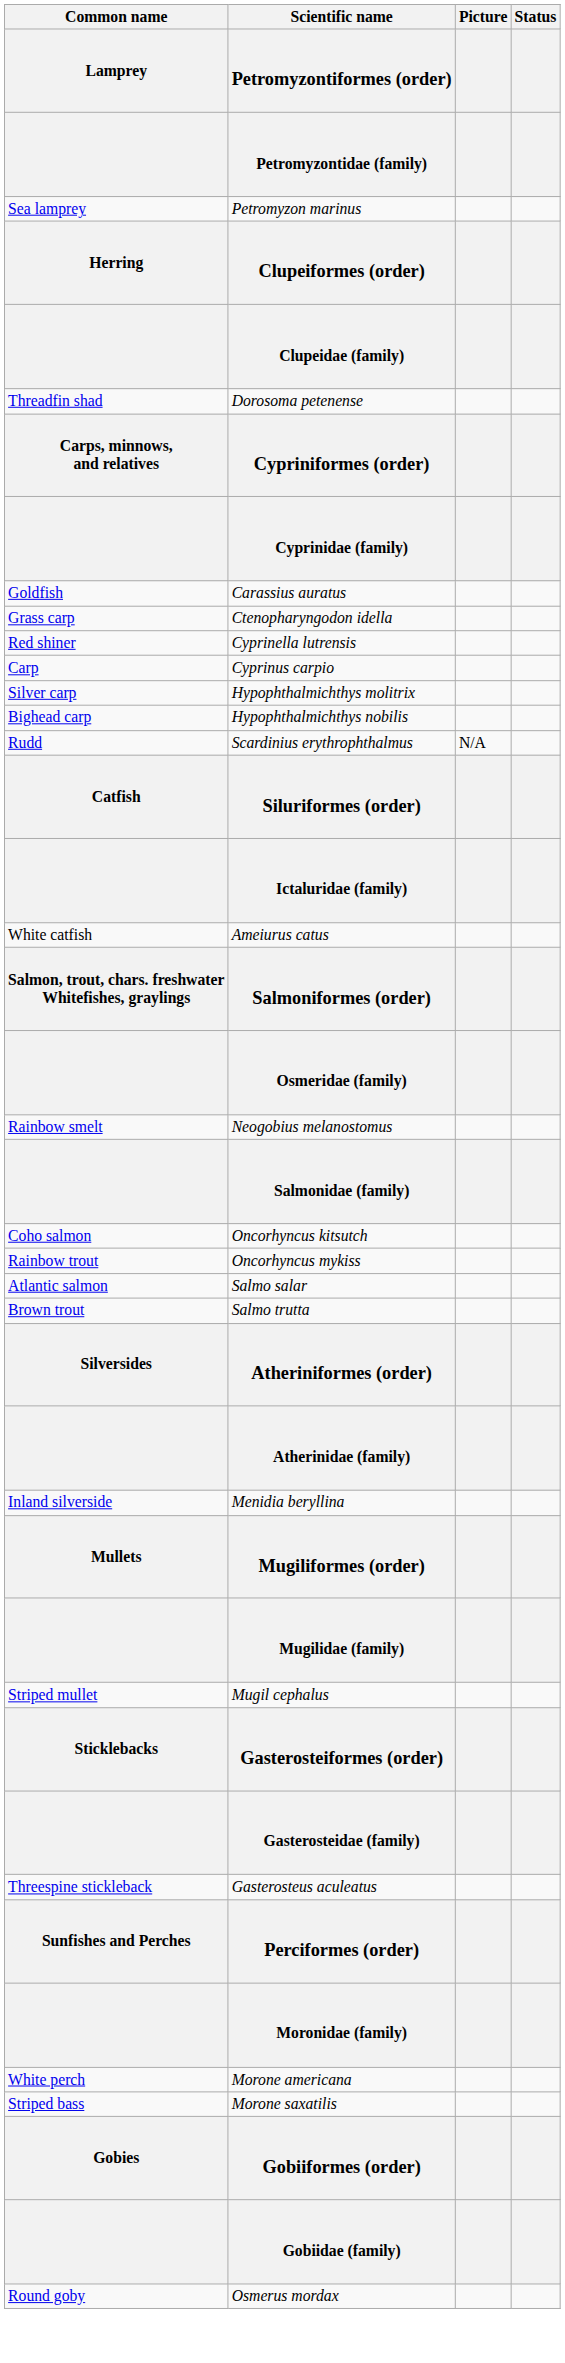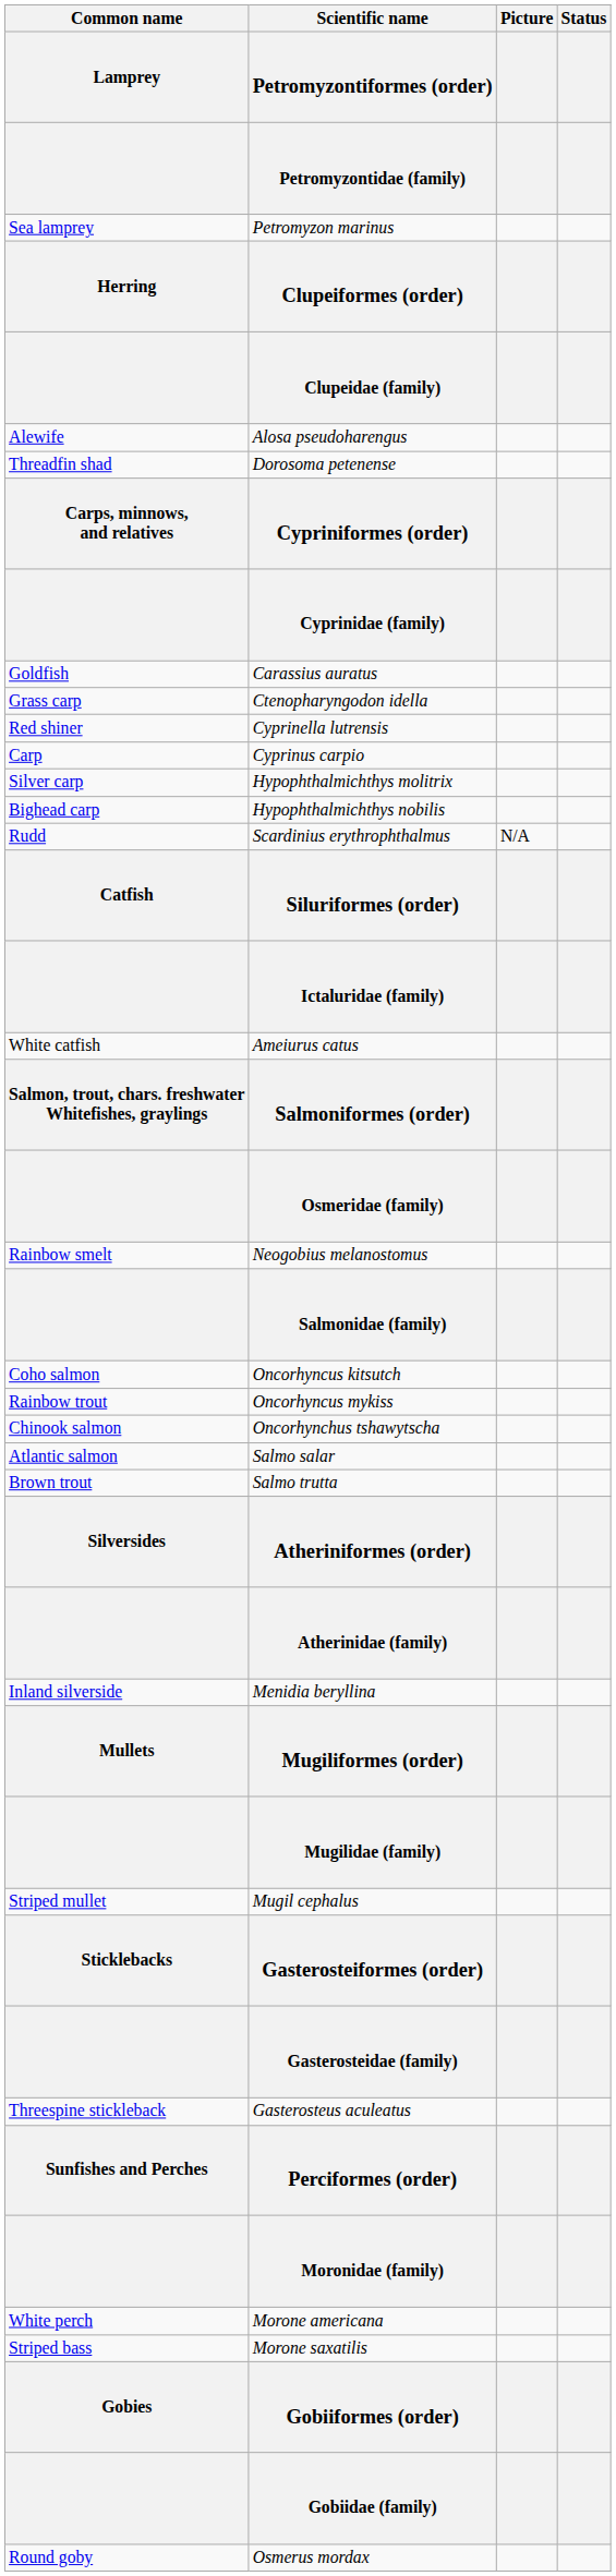 <table class="wikitable mw-collapsible">
 <tr>
 <th>Common name</th>
 <th>Scientific name</th>
 <th>Picture</th>
 <th>Status</th>
 </tr>
 <tr>
 <th><strong>Lamprey</strong></th>
 <th><br><h3>Petromyzontiformes (order)</h3></th>
 <th></th>
 <th></th>
 </tr>
 <tr>
 <th></th>
 <th><br><h4>Petromyzontidae (family)</h4></th>
 <th></th>
 <th></th>
 </tr>
 <tr>
 <td><a href='#'>Sea lamprey</a></td>
 <td><em>Petromyzon marinus</em></td>
 <td></td>
 <td></td>
 </tr>
 <tr>
 <th><strong>Herring</strong></th>
 <th><br><h3>Clupeiformes (order)</h3></th>
 <th></th>
 <th></th>
 </tr>
 <tr>
 <th></th>
 <th><br><h4>Clupeidae (family)</h4></th>
 <th></th>
 <th></th>
+</tr>
+<tr>
+<td><a href='#'>Alewife</a></td>
+<td><em>Alosa pseudoharengus</em></td>
+<td></td>
+<td></td>
 </tr>
 <tr>
 <td><a href='#'>Threadfin shad</a></td>
 <td><em>Dorosoma petenense</em></td>
 <td></td>
 <td></td>
 </tr>
 <tr>
 <th>Carps, minnows,<br>and relatives</th>
 <th><br><h3>Cypriniformes (order)</h3></th>
 <th></th>
 <th></th>
 </tr>
 <tr>
 <th></th>
 <th><br><h4>Cyprinidae (family)</h4></th>
 <th></th>
 <th></th>
 </tr>
 <tr>
 <td><a href='#'>Goldfish</a></td>
 <td><em>Carassius auratus</em></td>
 <td></td>
 <td></td>
 </tr>
 <tr>
 <td><a href='#'>Grass carp</a></td>
 <td><em>Ctenopharyngodon idella</em></td>
 <td></td>
 <td></td>
 </tr>
 <tr>
 <td><a href='#'>Red shiner</a></td>
 <td><em>Cyprinella lutrensis</em></td>
 <td></td>
 <td></td>
 </tr>
 <tr>
 <td><a href='#'>Carp</a></td>
 <td><em>Cyprinus carpio</em></td>
 <td></td>
 <td></td>
 </tr>
 <tr>
 <td><a href='#'>Silver carp</a></td>
 <td><em>Hypophthalmichthys molitrix</em></td>
 <td></td>
 <td></td>
 </tr>
 <tr>
 <td><a href='#'>Bighead carp</a></td>
 <td><em>Hypophthalmichthys nobilis</em></td>
 <td></td>
 <td></td>
 </tr>
 <tr>
 <td><a href='#'>Rudd</a></td>
 <td><em>Scardinius erythrophthalmus</em></td>
 <td>N/A</td>
 <td></td>
 </tr>
 <tr>
 <th><strong>Catfish</strong></th>
 <th><br><h3>Siluriformes (order)</h3></th>
 <th></th>
 <th></th>
 </tr>
 <tr>
 <th></th>
 <th><br><h4>Ictaluridae (family)</h4></th>
 <th></th>
 <th></th>
 </tr>
 <tr>
 <td>White catfish</td>
 <td><em>Ameiurus catus</em></td>
 <td></td>
 <td></td>
 </tr>
 <tr>
 <th>Salmon, trout, chars. freshwater<br>Whitefishes, graylings</th>
 <th><br><h3>Salmoniformes (order)</h3></th>
 <th></th>
 <th></th>
 </tr>
 <tr>
 <th></th>
 <th><br><h4>Osmeridae (family)</h4></th>
 <th></th>
 <th></th>
 </tr>
 <tr>
 <td><a href='#'>Rainbow smelt</a></td>
 <td><em>Neogobius melanostomus</em></td>
 <td></td>
 <td></td>
 </tr>
 <tr>
 <th></th>
 <th><br><h4>Salmonidae (family)</h4></th>
 <th></th>
 <th></th>
 </tr>
 <tr>
 <td><a href='#'>Coho salmon</a></td>
 <td><em>Oncorhyncus kitsutch</em></td>
 <td></td>
 </tr>
 <tr>
 <td><a href='#'>Rainbow trout</a></td>
 <td><em>Oncorhyncus mykiss</em></td>
 <td></td>
 <td></td>
 </tr>
 <tr>
+<td><a href='#'>Chinook salmon</a></td>
+<td><em>Oncorhynchus tshawytscha</em></td>
+<td></td>
+<td></td>
+</tr>
+<tr>
 <td><a href='#'>Atlantic salmon</a></td>
 <td><em>Salmo salar</em></td>
 <td></td>
 <td></td>
 </tr>
 <tr>
 <td><a href='#'>Brown trout</a></td>
 <td><em>Salmo trutta</em></td>
 <td></td>
 <td></td>
 </tr>
 <tr>
 <th>Silversides</th>
 <th><br><h3>Atheriniformes (order)</h3></th>
 <th></th>
 <th></th>
 </tr>
 <tr>
 <th></th>
 <th><br><h4>Atherinidae (family)</h4></th>
 <th></th>
 <th></th>
 </tr>
 <tr>
 <td><a href='#'>Inland silverside</a></td>
 <td><em>Menidia beryllina</em></td>
 <td></td>
 <td></td>
 </tr>
 <tr>
 <th>Mullets</th>
 <th><br><h3>Mugiliformes (order)</h3></th>
 <th></th>
 <th></th>
 </tr>
 <tr>
 <th></th>
 <th><br><h4>Mugilidae (family)</h4></th>
 <th></th>
 <th></th>
 </tr>
 <tr>
 <td><a href='#'>Striped mullet</a></td>
 <td><em>Mugil cephalus</em></td>
 <td></td>
 <td></td>
 </tr>
 <tr>
 <th>Sticklebacks</th>
 <th><br><h3>Gasterosteiformes (order)</h3></th>
 <th></th>
 <th></th>
 </tr>
 <tr>
 <th></th>
 <th><br><h4>Gasterosteidae (family)</h4></th>
 <th></th>
 <th></th>
 </tr>
 <tr>
 <td><a href='#'>Threespine stickleback</a></td>
 <td><em>Gasterosteus aculeatus</em></td>
 <td></td>
 <td></td>
 </tr>
 <tr>
 <th>Sunfishes and Perches</th>
 <th><br><h3>Perciformes (order)</h3></th>
 <th></th>
 <th></th>
 </tr>
 <tr>
 <th></th>
 <th><br><h4>Moronidae (family)</h4></th>
 <th></th>
 <th></th>
 </tr>
 <tr>
 <td><a href='#'>White perch</a></td>
 <td><em>Morone americana</em></td>
 <td></td>
 <td></td>
 </tr>
 <tr>
 <td><a href='#'>Striped bass</a></td>
 <td><em>Morone saxatilis</em></td>
 <td></td>
 <td></td>
 </tr>
 <tr>
 <th>Gobies</th>
 <th><br><h3>Gobiiformes (order)</h3></th>
 <th></th>
 <th></th>
 </tr>
 <tr>
 <th></th>
 <th><br><h4>Gobiidae (family)</h4></th>
 <th></th>
 <th></th>
 </tr>
 <tr>
 <td><a href='#'>Round goby</a></td>
 <td><em>Osmerus mordax</em></td>
 <td></td>
 <td></td>
 </tr>
 </table>
